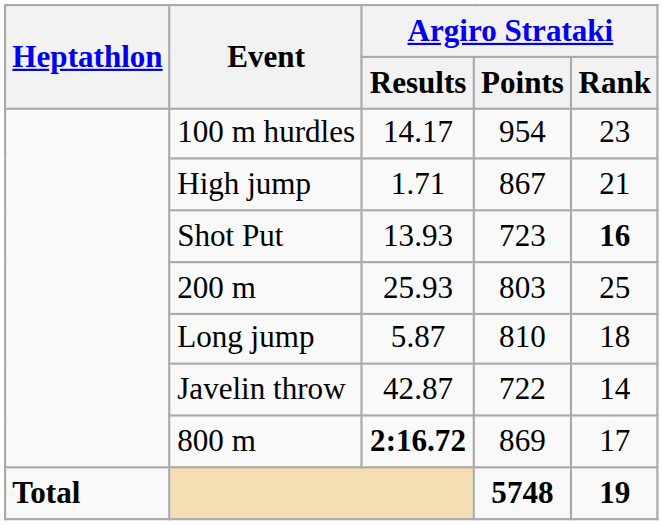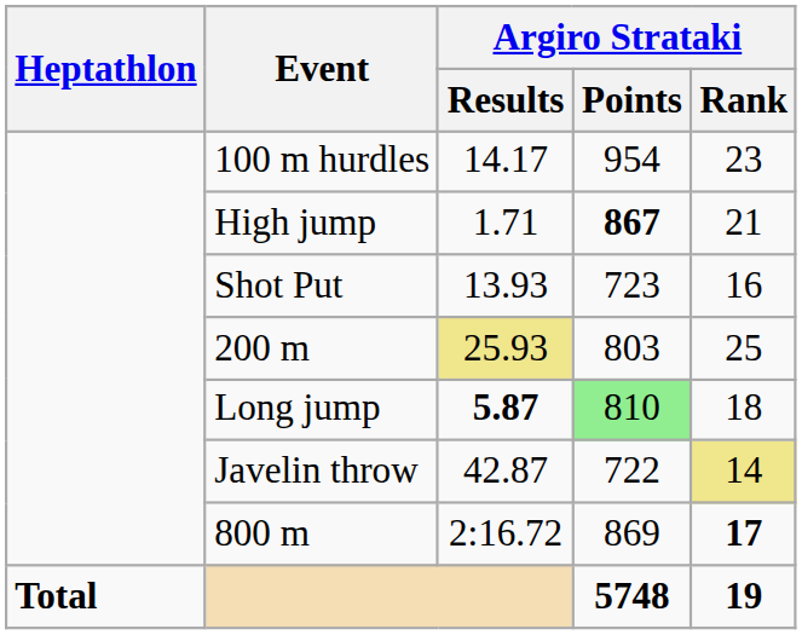 <table class=wikitable style="font-size:90%">
 <tr>
 <th rowspan="2"><a href='#'>Heptathlon</a></th>
 <th rowspan="2">Event</th>
 <th colspan="3"><a href='#'>Argiro Strataki</a></th>
 </tr>
 <tr>
 <th>Results</th>
 <th>Points</th>
 <th>Rank</th>
 </tr>
 <tr>
 <td rowspan="7"></td>
 <td>100 m hurdles</td>
 <td align=center>14.17</td>
 <td align=center>954</td>
 <td align=center>23</td>
 </tr>
 <tr>
 <td>High jump</td>
 <td align=center>1.71</td>
-<td align=center>867</td>
+<td align=center><strong>867</strong></td>
 <td align=center>21</td>
 </tr>
 <tr>
 <td>Shot Put</td>
 <td align=center>13.93</td>
 <td align=center>723</td>
-<td align=center><strong>16</strong></td>
+<td align=center>16</td>
 </tr>
 <tr>
 <td>200 m</td>
-<td align=center>25.93</td>
+<td align=center style="background: khaki;">25.93</td>
 <td align=center>803</td>
 <td align=center>25</td>
 </tr>
 <tr>
 <td>Long jump</td>
-<td align=center>5.87</td>
-<td align=center>810</td>
+<td align=center><strong>5.87</strong></td>
+<td align=center style="background: lightgreen;">810</td>
 <td align=center>18</td>
 </tr>
 <tr>
 <td>Javelin throw</td>
 <td align=center>42.87</td>
 <td align=center>722</td>
-<td align=center>14</td>
+<td align=center style="background: khaki;">14</td>
 </tr>
 <tr>
 <td>800 m</td>
-<td align=center><strong>2:16.72</strong></td>
+<td align=center>2:16.72</td>
 <td align=center>869</td>
-<td align=center>17</td>
+<td align=center><strong>17</strong></td>
 </tr>
 <tr>
 <td><strong>Total</strong></td>
 <td colspan="2" bgcolor="wheat"></td>
 <td align=center><strong>5748</strong></td>
 <td align=center><strong>19</strong></td>
 </tr>
 </table>
